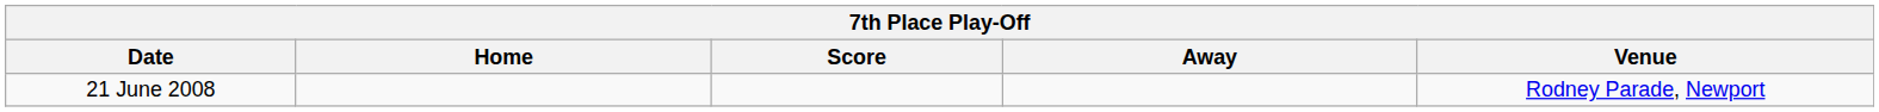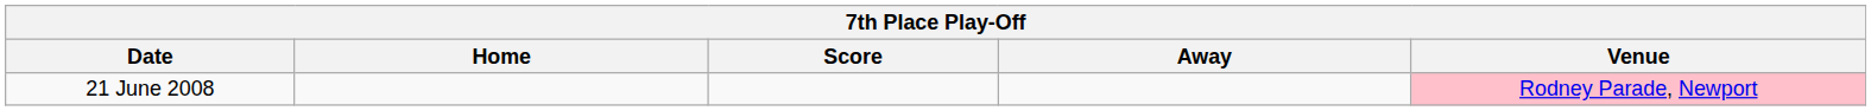 <table class="wikitable" style="font-size:90%; width: 100%; text-align: center;">
 <tr>
 <th colspan=5>7th Place Play-Off</th>
 </tr>
 <tr>
 <th width=7%>Date</th>
 <th width=10%>Home</th>
 <th width=7%>Score</th>
 <th width=10%>Away</th>
 <th width=11%>Venue</th>
 </tr>
 <tr>
 <td>21 June 2008</td>
 <td></td>
 <td></td>
 <td></td>
-<td><a href='#'>Rodney Parade</a>, <a href='#'>Newport</a></td>
+<td style="background: pink;"><a href='#'>Rodney Parade</a>, <a href='#'>Newport</a></td>
 </tr>
 </table>
